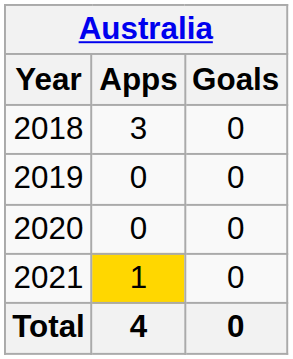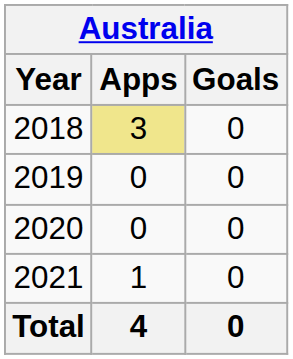 <table class="wikitable" style="text-align:center">
 <tr>
 <th colspan=3><a href='#'>Australia</a></th>
 </tr>
 <tr>
 <th>Year</th>
 <th>Apps</th>
 <th>Goals</th>
 </tr>
 <tr>
 <td>2018</td>
-<td>3</td>
+<td style="background: khaki;">3</td>
 <td>0</td>
 </tr>
 <tr>
 <td>2019</td>
 <td>0</td>
 <td>0</td>
 </tr>
 <tr>
 <td>2020</td>
 <td>0</td>
 <td>0</td>
 </tr>
 <tr>
 <td>2021</td>
-<td style="background: gold;">1</td>
+<td>1</td>
 <td>0</td>
 </tr>
 <tr>
 <th>Total</th>
 <th>4</th>
 <th>0</th>
 </tr>
 </table>
